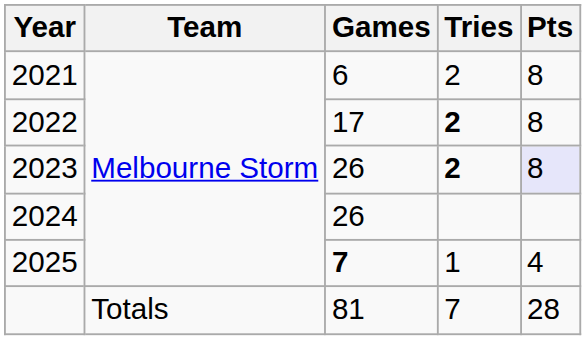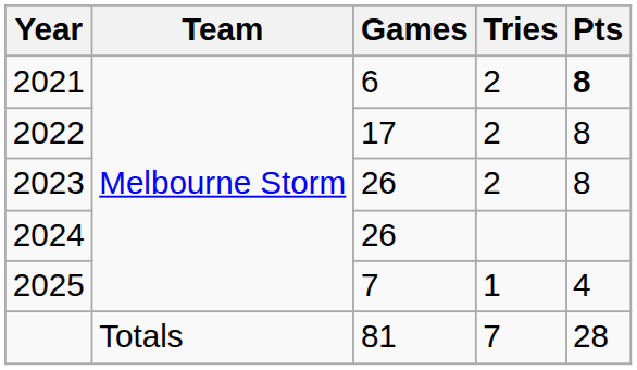 <table class="wikitable">
 <tr>
 <th>Year</th>
 <th>Team</th>
 <th>Games</th>
 <th>Tries</th>
 <th>Pts</th>
 </tr>
 <tr>
 <td>2021</td>
 <td rowspan="5"> <a href='#'>Melbourne Storm</a></td>
 <td>6</td>
 <td>2</td>
-<td>8</td>
+<td><strong>8</strong></td>
 </tr>
 <tr>
 <td>2022</td>
 <td>17</td>
-<td><strong>2</strong></td>
+<td>2</td>
 <td>8</td>
 </tr>
 <tr>
 <td>2023</td>
 <td>26</td>
-<td><strong>2</strong></td>
-<td style="background: lavender;">8</td>
+<td>2</td>
+<td>8</td>
 </tr>
 <tr>
 <td>2024</td>
 <td>26</td>
 <td></td>
 <td></td>
 </tr>
 <tr>
 <td>2025</td>
-<td><strong>7</strong></td>
+<td>7</td>
 <td>1</td>
 <td>4</td>
 </tr>
 <tr>
 <td></td>
 <td>Totals</td>
 <td>81</td>
 <td>7</td>
 <td>28</td>
 </tr>
 </table>
